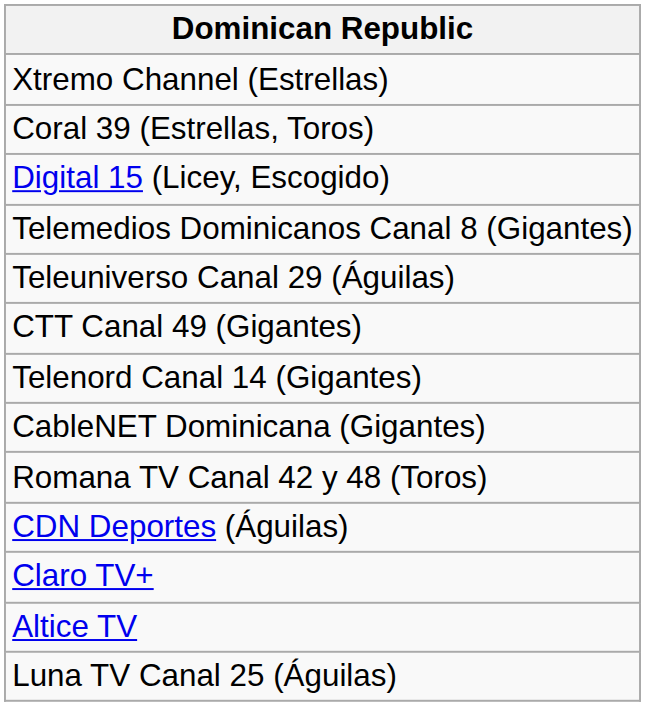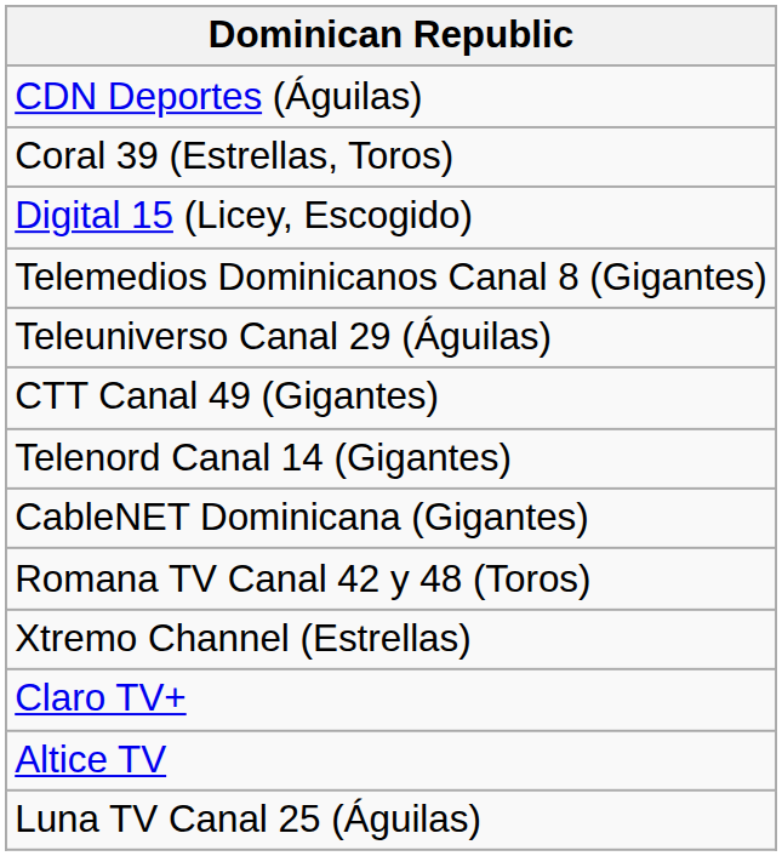 <table class="wikitable" style="text-align:left;">
 <tr>
 <th>Dominican Republic</th>
 </tr>
 <tr>
-<td>Xtremo Channel (Estrellas)</td>
+<td><a href='#'>CDN Deportes</a> (Águilas)</td>
 </tr>
 <tr>
 <td>Coral 39 (Estrellas, Toros)</td>
 </tr>
 <tr>
 <td><a href='#'>Digital 15</a> (Licey, Escogido)</td>
 </tr>
 <tr>
 <td>Telemedios Dominicanos Canal 8 (Gigantes)</td>
 </tr>
 <tr>
 <td>Teleuniverso Canal 29 (Águilas)</td>
 </tr>
 <tr>
 <td>CTT Canal 49 (Gigantes)</td>
 </tr>
 <tr>
 <td>Telenord Canal 14 (Gigantes)</td>
 </tr>
 <tr>
 <td>CableNET Dominicana (Gigantes)</td>
 </tr>
 <tr>
 <td>Romana TV Canal 42 y 48 (Toros)</td>
 </tr>
 <tr>
-<td><a href='#'>CDN Deportes</a> (Águilas)</td>
+<td>Xtremo Channel (Estrellas)</td>
 </tr>
 <tr>
 <td><a href='#'>Claro TV+</a></td>
 </tr>
 <tr>
 <td><a href='#'>Altice TV</a></td>
 </tr>
 <tr>
 <td>Luna TV Canal 25 (Águilas)</td>
 </tr>
 </table>
